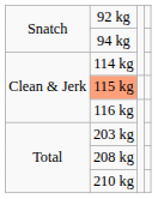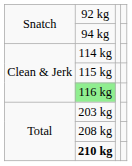 <table class = "wikitable" style="text-align:center;">
 <tr>
 <td rowspan=2>Snatch</td>
 <td>92 kg</td>
 <td rowspan=3 align=left></td>
 <td></td>
 </tr>
 <tr>
 <td>94 kg</td>
 <td></td>
 </tr>
 <tr>
 <td rowspan=3>Clean & Jerk</td>
 <td>114 kg</td>
 <td></td>
 </tr>
 <tr>
-<td style="background: lightsalmon;">115 kg</td>
+<td>115 kg</td>
 <td align=left></td>
 <td></td>
 </tr>
 <tr>
-<td>116 kg</td>
+<td style="background: lightgreen;">116 kg</td>
 <td rowspan=4 align=left></td>
 <td></td>
 </tr>
 <tr>
 <td rowspan=3>Total</td>
 <td>203 kg</td>
 <td></td>
 </tr>
 <tr>
 <td>208 kg</td>
 <td></td>
 </tr>
 <tr>
-<td>210 kg</td>
+<td><strong>210 kg</strong></td>
 <td></td>
 </tr>
 </table>
